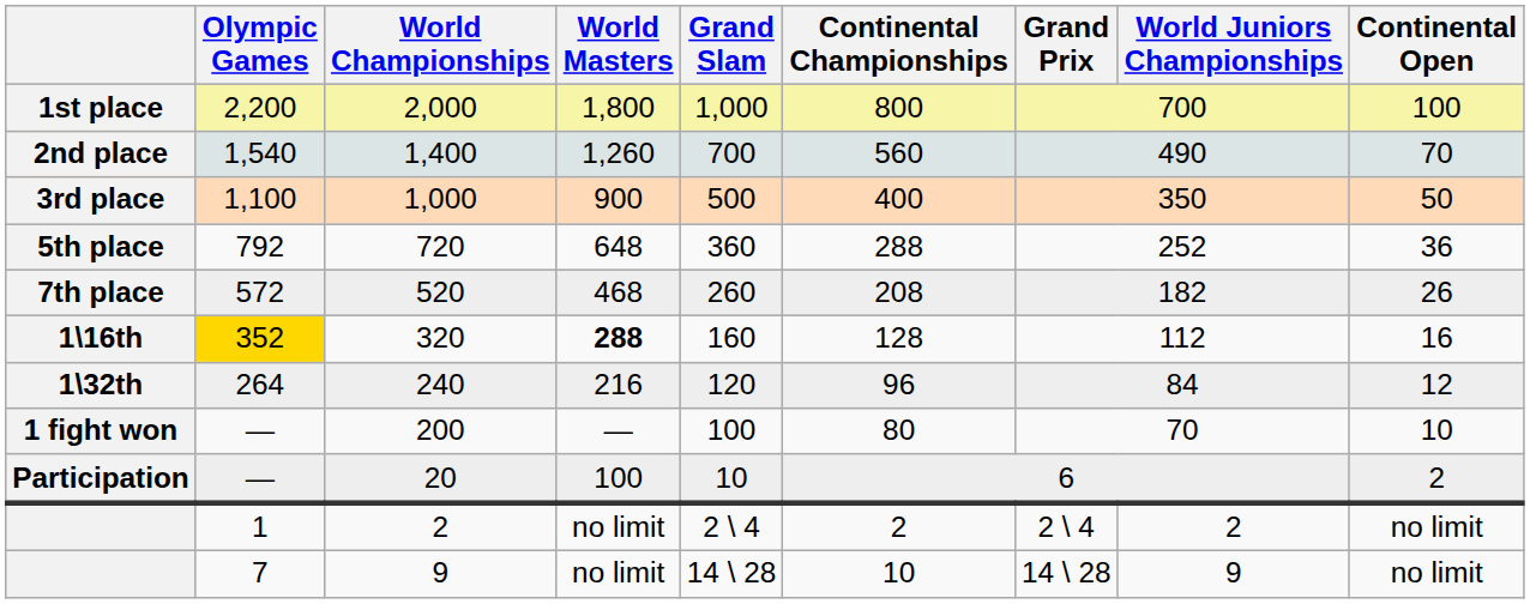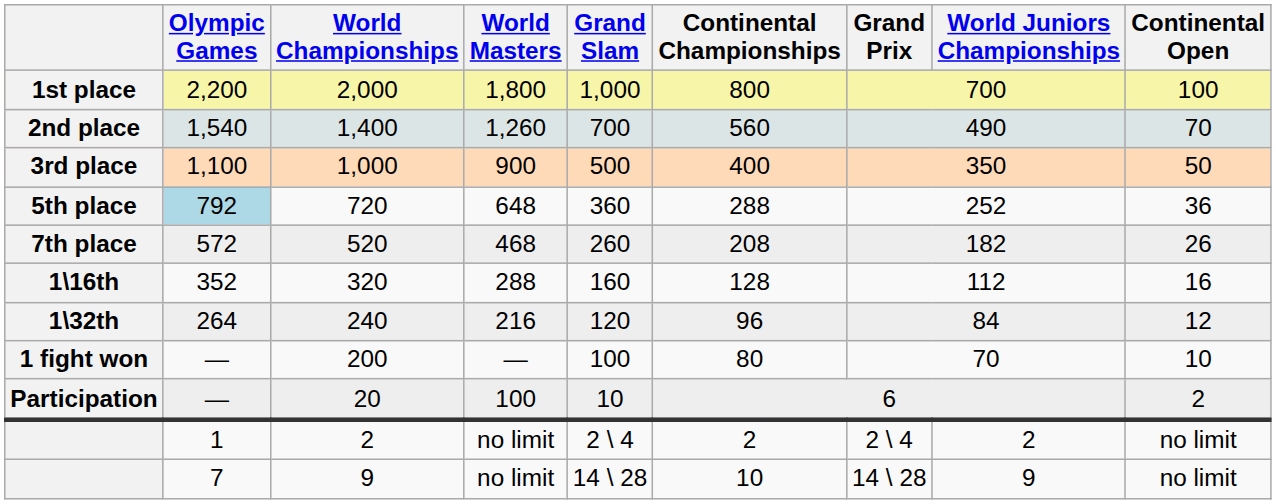 <table class="wikitable" style="text-align:center;">
 <tr>
 <th></th>
 <th><a href='#'>Olympic<br>Games</a></th>
 <th><a href='#'>World<br>Championships</a></th>
 <th><a href='#'>World<br>Masters</a></th>
 <th><a href='#'>Grand<br>Slam</a></th>
 <th>Continental<br>Championships</th>
 <th>Grand<br>Prix</th>
 <th><a href='#'>World Juniors<br>Championships</a></th>
 <th>Continental<br>Open</th>
 </tr>
 <tr bgcolor=F7F6A8>
 <th>1st place</th>
 <td>2,200</td>
 <td>2,000</td>
 <td>1,800</td>
 <td>1,000</td>
 <td>800</td>
 <td colspan=2>700</td>
 <td>100</td>
 </tr>
 <tr bgcolor=DCE5E5>
 <th>2nd place</th>
 <td>1,540</td>
 <td>1,400</td>
 <td>1,260</td>
 <td>700</td>
 <td>560</td>
 <td colspan=2>490</td>
 <td>70</td>
 </tr>
 <tr bgcolor=FFDAB9>
 <th>3rd place</th>
 <td>1,100</td>
 <td>1,000</td>
 <td>900</td>
 <td>500</td>
 <td>400</td>
 <td colspan=2>350</td>
 <td>50</td>
 </tr>
 <tr>
 <th>5th place</th>
-<td>792</td>
+<td style="background: lightblue;">792</td>
 <td>720</td>
 <td>648</td>
 <td>360</td>
 <td>288</td>
 <td colspan=2>252</td>
 <td>36</td>
 </tr>
 <tr bgcolor=EEEEEE>
 <th>7th place</th>
 <td>572</td>
 <td>520</td>
 <td>468</td>
 <td>260</td>
 <td>208</td>
 <td colspan=2>182</td>
 <td>26</td>
 </tr>
 <tr>
 <th>1\16th</th>
-<td style="background: gold;">352</td>
+<td>352</td>
 <td>320</td>
-<td><strong>288</strong></td>
+<td>288</td>
 <td>160</td>
 <td>128</td>
 <td colspan=2>112</td>
 <td>16</td>
 </tr>
 <tr bgcolor=EEEEEE>
 <th>1\32th</th>
 <td>264</td>
 <td>240</td>
 <td>216</td>
 <td>120</td>
 <td>96</td>
 <td colspan=2>84</td>
 <td>12</td>
 </tr>
 <tr>
 <th>1 fight won</th>
 <td>—</td>
 <td>200</td>
 <td>—</td>
 <td>100</td>
 <td>80</td>
 <td colspan=2>70</td>
 <td>10</td>
 </tr>
 <tr bgcolor=EEEEEE>
 <th>Participation</th>
 <td>—</td>
 <td>20</td>
 <td>100</td>
 <td>10</td>
 <td colspan=3>6</td>
 <td>2</td>
 </tr>
 <tr style="border-top: 3px solid #333333;">
 <th></th>
 <td>1</td>
 <td>2</td>
 <td>no limit</td>
 <td>2 \ 4</td>
 <td>2</td>
 <td>2 \ 4</td>
 <td>2</td>
 <td>no limit</td>
 </tr>
 <tr>
 <th></th>
 <td>7</td>
 <td>9</td>
 <td>no limit</td>
 <td>14 \ 28</td>
 <td>10</td>
 <td>14 \ 28</td>
 <td>9</td>
 <td>no limit</td>
 </tr>
 </table>
